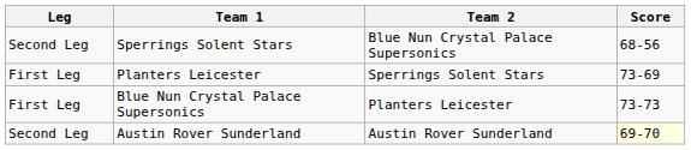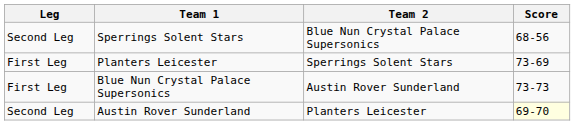 <table class="wikitable" style="font-size: 100%">
 <tr>
 <th width=100>Leg</th>
 <th width=240>Team 1</th>
 <th width=240>Team 2</th>
 <th width=60>Score</th>
 </tr>
 <tr>
 <td>Second Leg</td>
 <td>Sperrings Solent Stars</td>
 <td>Blue Nun Crystal Palace Supersonics</td>
 <td>68-56</td>
 </tr>
 <tr>
 <td>First Leg</td>
 <td>Planters Leicester</td>
 <td>Sperrings Solent Stars</td>
 <td>73-69</td>
 </tr>
 <tr>
 <td>First Leg</td>
 <td>Blue Nun Crystal Palace Supersonics</td>
-<td>Planters Leicester</td>
+<td>Austin Rover Sunderland</td>
 <td>73-73</td>
 </tr>
 <tr>
 <td>Second Leg</td>
 <td>Austin Rover Sunderland</td>
-<td>Austin Rover Sunderland</td>
+<td>Planters Leicester</td>
 <td style="background: lightyellow;">69-70</td>
 </tr>
 </table>
